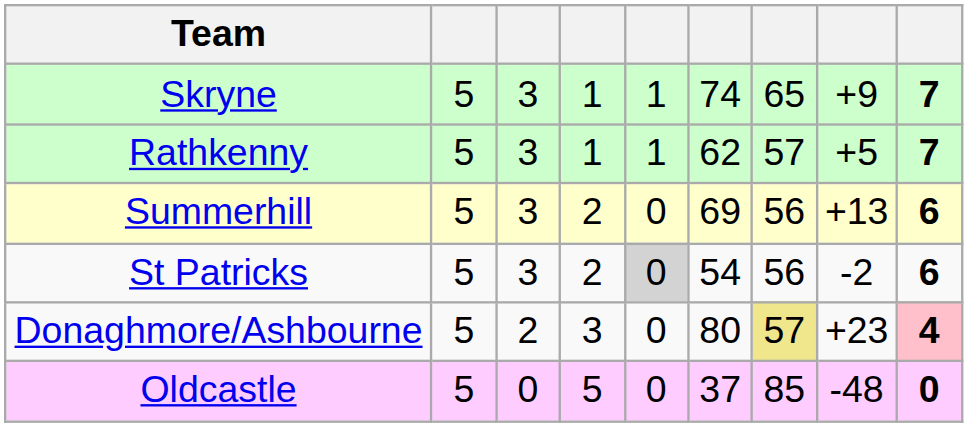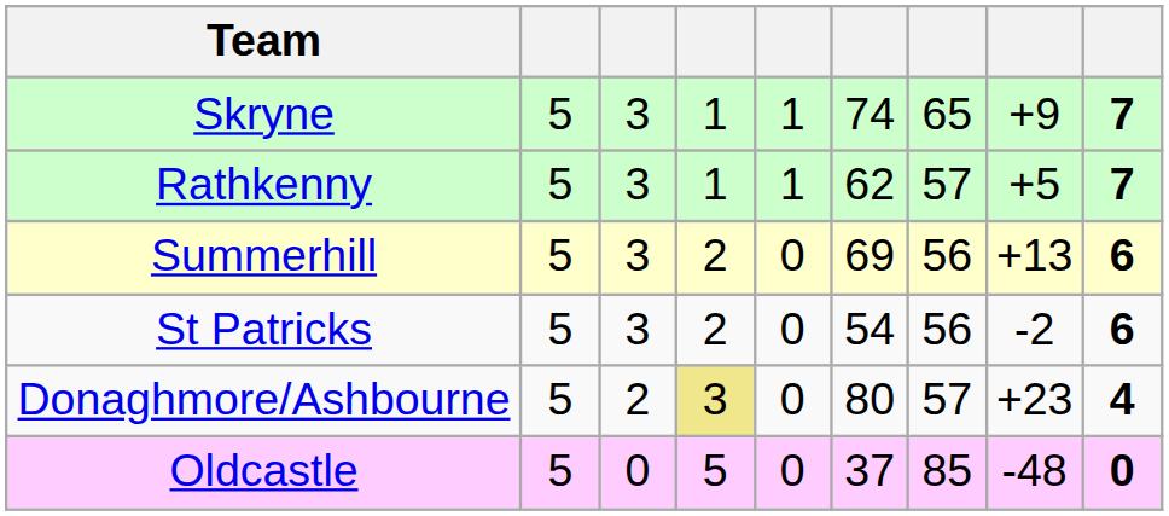 <table class="wikitable" style="text-align:center">
 <tr>
 <th style="width:175px;">Team</th>
 <th width="20"></th>
 <th width="20"></th>
 <th width="20"></th>
 <th width="20"></th>
 <th width="20"></th>
 <th width="20"></th>
 <th width="20"></th>
 <th width="20"></th>
 </tr>
 <tr style="background:#cfc;">
 <td><a href='#'>Skryne</a></td>
 <td>5</td>
 <td>3</td>
 <td>1</td>
 <td>1</td>
 <td>74</td>
 <td>65</td>
 <td>+9</td>
 <td><strong>7</strong></td>
 </tr>
 <tr style="background:#cfc;">
 <td><a href='#'>Rathkenny</a></td>
 <td>5</td>
 <td>3</td>
 <td>1</td>
 <td>1</td>
 <td>62</td>
 <td>57</td>
 <td>+5</td>
 <td><strong>7</strong></td>
 </tr>
 <tr style="background:#ffffcc;">
 <td><a href='#'>Summerhill</a></td>
 <td>5</td>
 <td>3</td>
 <td>2</td>
 <td>0</td>
 <td>69</td>
 <td>56</td>
 <td>+13</td>
 <td><strong>6</strong></td>
 </tr>
 <tr>
 <td><a href='#'>St Patricks</a></td>
 <td>5</td>
 <td>3</td>
 <td>2</td>
-<td style="background: lightgrey;">0</td>
+<td>0</td>
 <td>54</td>
 <td>56</td>
 <td>-2</td>
 <td><strong>6</strong></td>
 </tr>
 <tr>
 <td><a href='#'>Donaghmore/Ashbourne</a></td>
 <td>5</td>
 <td>2</td>
-<td>3</td>
+<td style="background: khaki;">3</td>
 <td>0</td>
 <td>80</td>
-<td style="background: khaki;">57</td>
+<td>57</td>
 <td>+23</td>
-<td style="background: pink;"><strong>4</strong></td>
+<td><strong>4</strong></td>
 </tr>
 <tr style="background:#fcf;">
 <td><a href='#'>Oldcastle</a></td>
 <td>5</td>
 <td>0</td>
 <td>5</td>
 <td>0</td>
 <td>37</td>
 <td>85</td>
 <td>-48</td>
 <td><strong>0</strong></td>
 </tr>
 </table>
